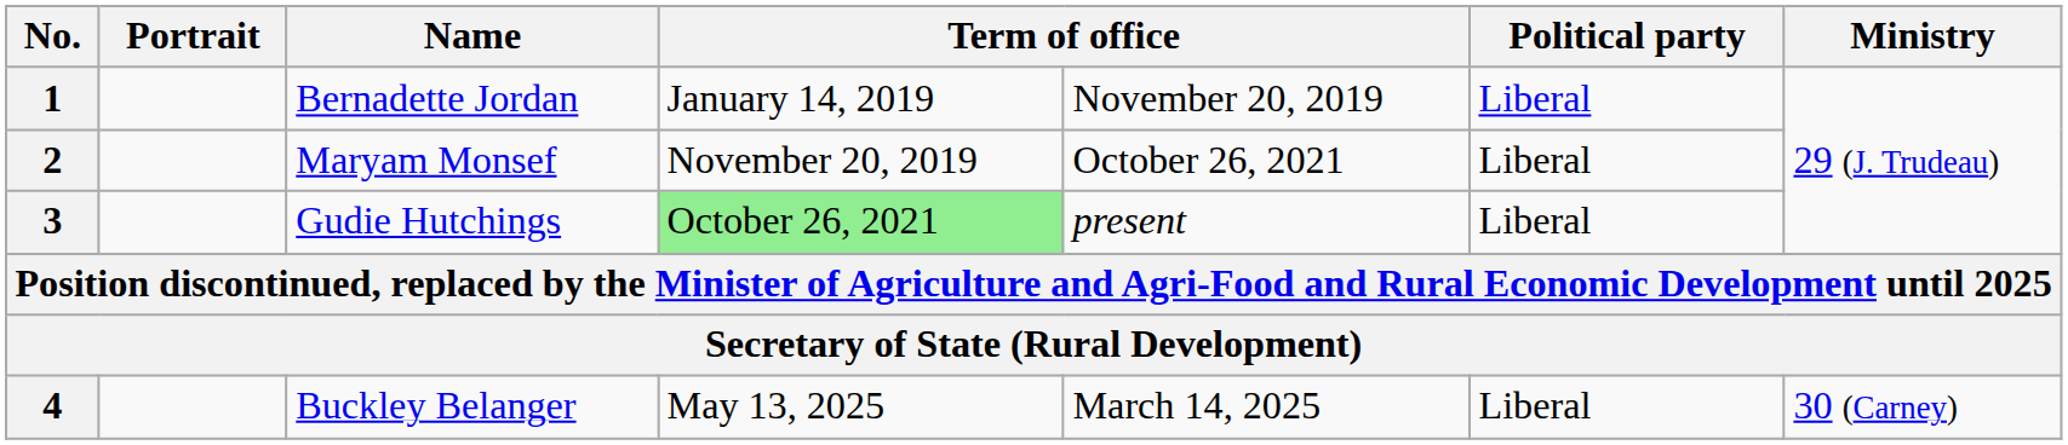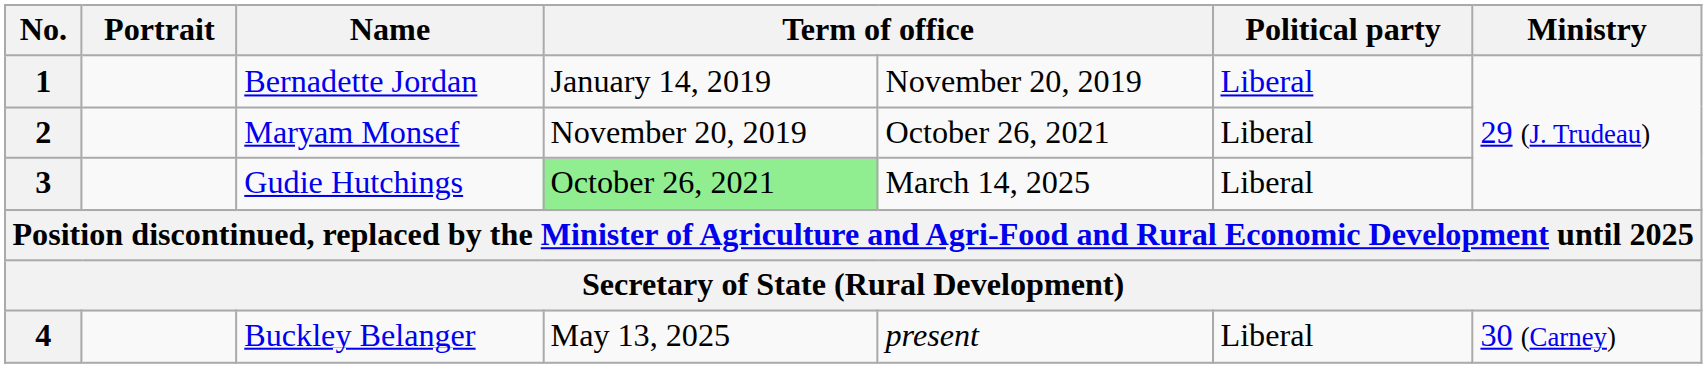 <table class="wikitable">
 <tr>
 <th>No.</th>
 <th>Portrait</th>
 <th>Name</th>
 <th colspan="2">Term of office</th>
 <th>Political party</th>
 <th>Ministry</th>
 </tr>
 <tr>
 <th style="background:">1</th>
 <td></td>
 <td><a href='#'>Bernadette Jordan</a></td>
 <td>January 14, 2019</td>
 <td>November 20, 2019</td>
 <td><a href='#'>Liberal</a></td>
 <td Rowspan=3><a href='#'>29</a> <small>(<a href='#'>J. Trudeau</a>)</small></td>
 </tr>
 <tr>
 <th style="background:">2</th>
 <td></td>
 <td><a href='#'>Maryam Monsef</a></td>
 <td>November 20, 2019</td>
 <td>October 26, 2021</td>
 <td>Liberal</td>
 </tr>
 <tr>
 <th style="background:">3</th>
 <td></td>
 <td><a href='#'>Gudie Hutchings</a></td>
 <td style="background: lightgreen;">October 26, 2021</td>
-<td><em>present</em></td>
+<td>March 14, 2025</td>
 <td>Liberal</td>
 </tr>
 <tr>
 <th colspan=7>Position discontinued, replaced by the <a href='#'>Minister of Agriculture and Agri-Food and Rural Economic Development</a> until 2025</th>
 </tr>
 <tr>
 <th colspan=7>Secretary of State (Rural Development)</th>
 </tr>
 <tr>
 <th style="background:">4</th>
 <td></td>
 <td><a href='#'>Buckley Belanger</a></td>
 <td>May 13, 2025</td>
-<td>March 14, 2025</td>
+<td><em>present</em></td>
 <td>Liberal</td>
 <td rowspan=1><a href='#'>30</a> <small>(<a href='#'>Carney</a>)</small></td>
 </tr>
 </table>
